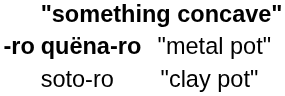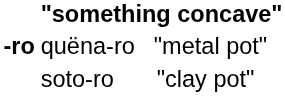 <table>
 <tr>
 <th rowspan="3">-ro</th>
 <th colspan="4">"something concave"</th>
 </tr>
 <tr>
-<td><strong>quëna-ro</strong></td>
+<td>quëna-ro</td>
 <td colspan="3">"metal pot"</td>
 </tr>
 <tr>
 <td colspan="2">soto-ro</td>
 <td colspan="2">"clay pot"</td>
 </tr>
 </table>
